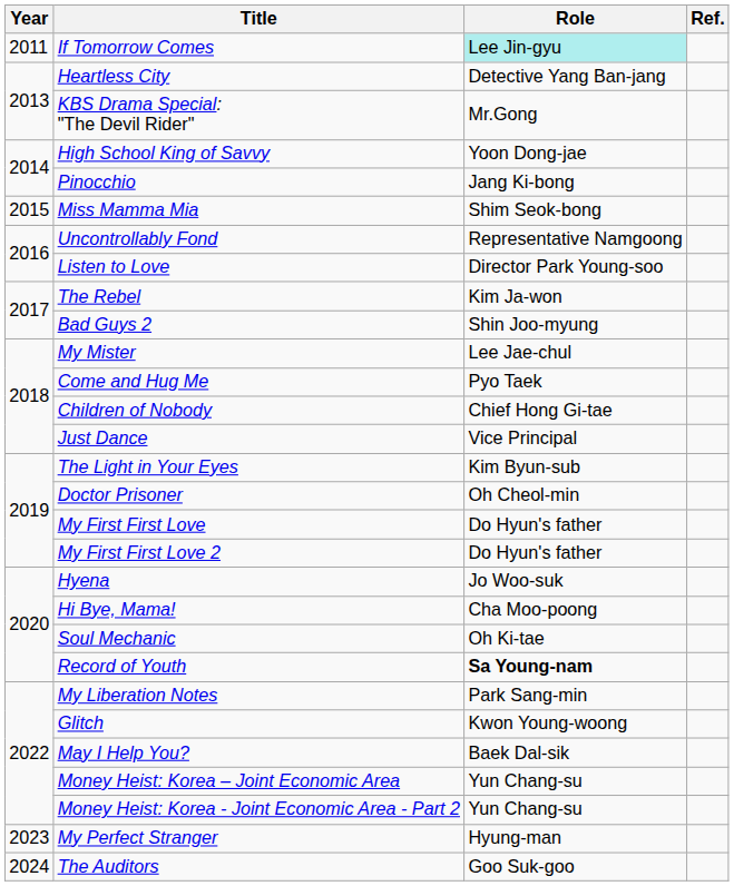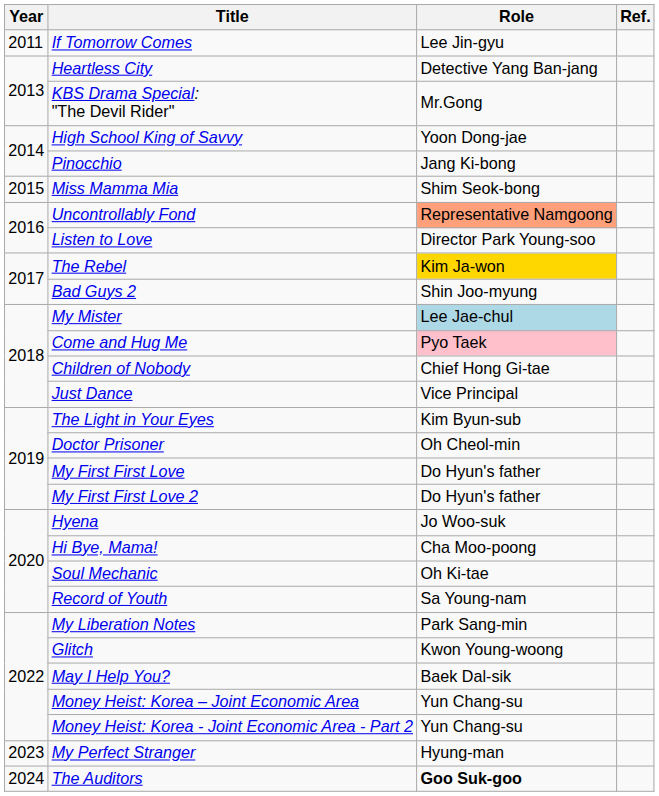 <table class="wikitable">
 <tr>
 <th>Year</th>
 <th>Title</th>
 <th>Role</th>
 <th>Ref.</th>
 </tr>
 <tr>
 <td>2011</td>
 <td><em><a href='#'>If Tomorrow Comes</a></em></td>
-<td style="background: paleturquoise;">Lee Jin-gyu</td>
+<td>Lee Jin-gyu</td>
 <td></td>
 </tr>
 <tr>
 <td rowspan="2">2013</td>
 <td><em><a href='#'>Heartless City</a></em></td>
 <td>Detective Yang Ban-jang</td>
 <td></td>
 </tr>
 <tr>
 <td><em><a href='#'>KBS Drama Special</a>:</em> <br> "The Devil Rider"</td>
 <td>Mr.Gong</td>
 <td></td>
 </tr>
 <tr>
 <td rowspan="2">2014</td>
 <td><em><a href='#'>High School King of Savvy</a></em></td>
 <td>Yoon Dong-jae</td>
 <td></td>
 </tr>
 <tr>
 <td><em><a href='#'>Pinocchio</a></em></td>
 <td>Jang Ki-bong</td>
 <td></td>
 </tr>
 <tr>
 <td>2015</td>
 <td><em><a href='#'>Miss Mamma Mia</a></em></td>
 <td>Shim Seok-bong</td>
 <td></td>
 </tr>
 <tr>
 <td rowspan="2">2016</td>
 <td><em><a href='#'>Uncontrollably Fond</a></em></td>
-<td>Representative Namgoong</td>
+<td style="background: lightsalmon;">Representative Namgoong</td>
 <td></td>
 </tr>
 <tr>
 <td><em><a href='#'>Listen to Love</a></em></td>
 <td>Director Park Young-soo</td>
 <td></td>
 </tr>
 <tr>
 <td rowspan="2">2017</td>
 <td><em><a href='#'>The Rebel</a></em></td>
-<td>Kim Ja-won</td>
+<td style="background: gold;">Kim Ja-won</td>
 <td></td>
 </tr>
 <tr>
 <td><em><a href='#'>Bad Guys 2</a></em></td>
 <td>Shin Joo-myung</td>
 <td></td>
 </tr>
 <tr>
 <td rowspan="4">2018</td>
 <td><em><a href='#'>My Mister</a></em></td>
-<td>Lee Jae-chul</td>
+<td style="background: lightblue;">Lee Jae-chul</td>
 <td></td>
 </tr>
 <tr>
 <td><em><a href='#'>Come and Hug Me</a></em></td>
-<td>Pyo Taek</td>
+<td style="background: pink;">Pyo Taek</td>
 <td></td>
 </tr>
 <tr>
 <td><em><a href='#'>Children of Nobody</a></em></td>
 <td>Chief Hong Gi-tae</td>
 <td></td>
 </tr>
 <tr>
 <td><em><a href='#'>Just Dance</a></em></td>
 <td>Vice Principal</td>
 <td></td>
 </tr>
 <tr>
 <td rowspan="4">2019</td>
 <td><em><a href='#'>The Light in Your Eyes</a></em></td>
 <td>Kim Byun-sub</td>
 <td></td>
 </tr>
 <tr>
 <td><em><a href='#'>Doctor Prisoner</a></em></td>
 <td>Oh Cheol-min</td>
 <td></td>
 </tr>
 <tr>
 <td><em><a href='#'>My First First Love</a></em></td>
 <td>Do Hyun's father</td>
 <td></td>
 </tr>
 <tr>
 <td><em><a href='#'>My First First Love 2</a></em></td>
 <td>Do Hyun's father</td>
 <td></td>
 </tr>
 <tr>
 <td rowspan=" 4">2020</td>
 <td><em><a href='#'>Hyena</a></em></td>
 <td>Jo Woo-suk</td>
 <td></td>
 </tr>
 <tr>
 <td><em><a href='#'>Hi Bye, Mama!</a></em></td>
 <td>Cha Moo-poong</td>
 <td></td>
 </tr>
 <tr>
 <td><em><a href='#'>Soul Mechanic</a></em></td>
 <td>Oh Ki-tae</td>
 <td></td>
 </tr>
 <tr>
 <td><em><a href='#'>Record of Youth</a></em></td>
-<td><strong>Sa Young-nam</strong></td>
+<td>Sa Young-nam</td>
 <td></td>
 </tr>
 <tr>
 <td rowspan=5>2022</td>
 <td><em><a href='#'>My Liberation Notes</a></em></td>
 <td>Park Sang-min</td>
 <td></td>
 </tr>
 <tr>
 <td><em><a href='#'>Glitch</a></em></td>
 <td>Kwon Young-woong</td>
 <td></td>
 </tr>
 <tr>
 <td><em><a href='#'>May I Help You?</a></em></td>
 <td>Baek Dal-sik</td>
 <td></td>
 </tr>
 <tr>
 <td><em><a href='#'>Money Heist: Korea – Joint Economic Area</a></em></td>
 <td>Yun Chang-su</td>
 <td></td>
 </tr>
 <tr>
 <td><em><a href='#'>Money Heist: Korea - Joint Economic Area - Part 2</a></em></td>
 <td>Yun Chang-su</td>
 <td></td>
 </tr>
 <tr>
 <td>2023</td>
 <td><em><a href='#'>My Perfect Stranger</a></em></td>
 <td>Hyung-man</td>
 <td></td>
 </tr>
 <tr>
 <td>2024</td>
 <td><em><a href='#'>The Auditors</a></em></td>
-<td>Goo Suk-goo</td>
+<td><strong>Goo Suk-goo</strong></td>
 <td></td>
 </tr>
 </table>
